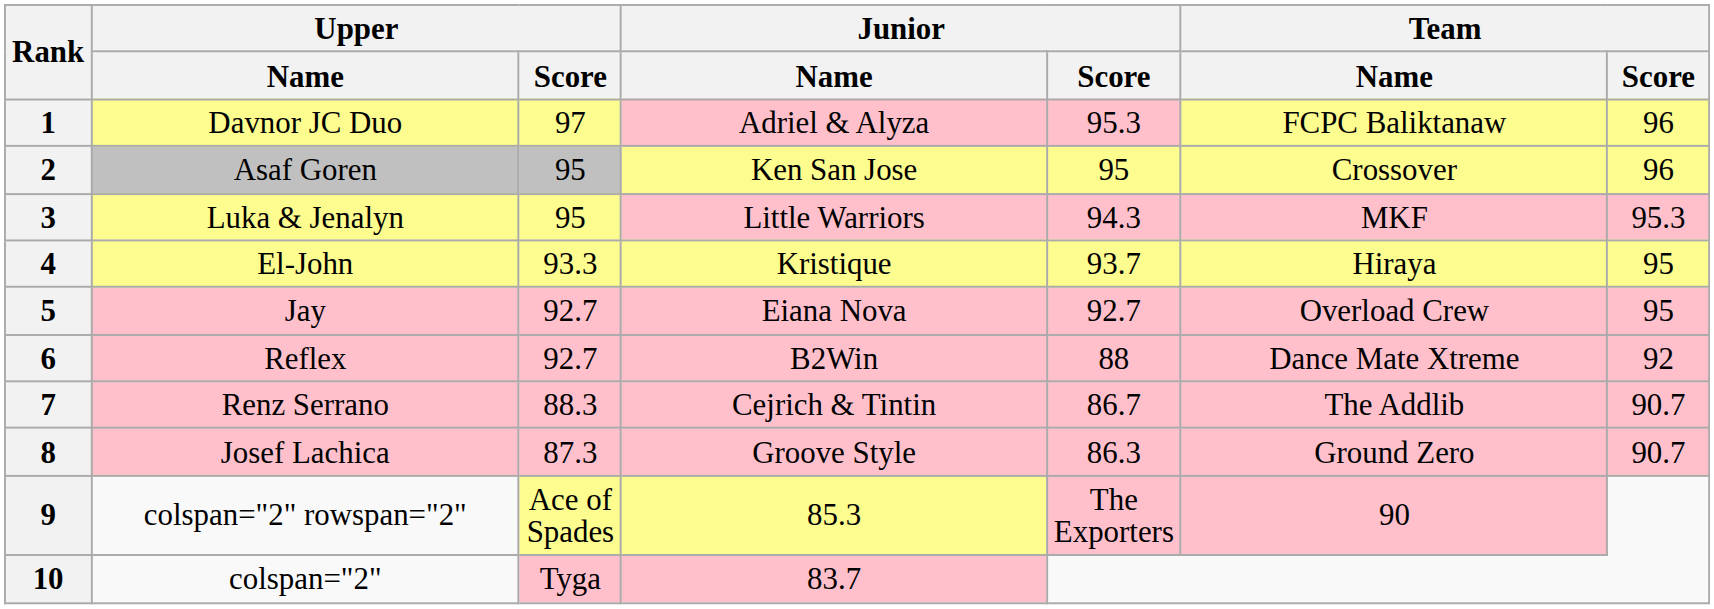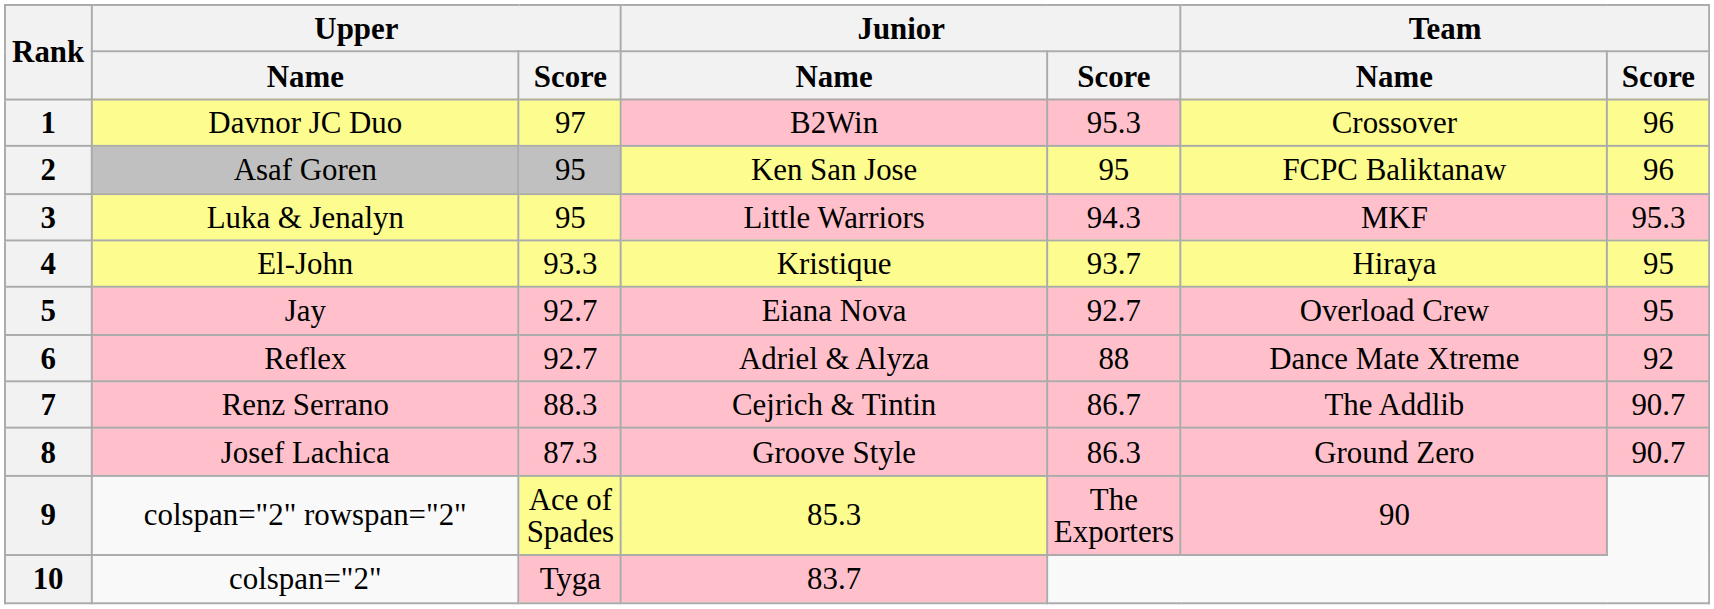 <table class="wikitable sortable" style="text-align:center; line-height:17px; width:100%;">
 <tr>
 <th scope="col" rowspan="2" style="width:04%;">Rank</th>
 <th scope="col" colspan="2" style="width:32%;">Upper</th>
 <th scope="col" colspan="2" style="width:32%;">Junior</th>
 <th scope="col" colspan="2" style="width:32%;">Team</th>
 </tr>
 <tr>
 <th scope="col" style="width:26%;">Name</th>
 <th scope="col" style="width:06%;">Score</th>
 <th scope="col" style="width:26%;">Name</th>
 <th scope="col" style="width:06%;">Score</th>
 <th scope="col" style="width:26%;">Name</th>
 <th scope="col" style="width:06%;">Score</th>
 </tr>
 <tr>
 <th>1</th>
 <td bgcolor=#fdfc8f>Davnor JC Duo</td>
 <td bgcolor=#fdfc8f>97</td>
-<td bgcolor=pink>Adriel & Alyza</td>
+<td bgcolor=pink>B2Win</td>
 <td bgcolor=pink>95.3</td>
-<td bgcolor=#fdfc8f>FCPC Baliktanaw</td>
+<td bgcolor=#fdfc8f>Crossover</td>
 <td bgcolor=#fdfc8f>96</td>
 </tr>
 <tr>
 <th>2</th>
 <td bgcolor=silver>Asaf Goren</td>
 <td bgcolor=silver>95</td>
 <td bgcolor=#fdfc8f>Ken San Jose</td>
 <td bgcolor=#fdfc8f>95</td>
-<td bgcolor=#fdfc8f>Crossover</td>
+<td bgcolor=#fdfc8f>FCPC Baliktanaw</td>
 <td bgcolor=#fdfc8f>96</td>
 </tr>
 <tr>
 <th>3</th>
 <td bgcolor=#fdfc8f>Luka & Jenalyn</td>
 <td bgcolor=#fdfc8f>95</td>
 <td bgcolor=pink>Little Warriors</td>
 <td bgcolor=pink>94.3</td>
 <td bgcolor=pink>MKF</td>
 <td bgcolor=pink>95.3</td>
 </tr>
 <tr>
 <th>4</th>
 <td bgcolor=#fdfc8f>El-John</td>
 <td bgcolor=#fdfc8f>93.3</td>
 <td bgcolor=#fdfc8f>Kristique</td>
 <td bgcolor=#fdfc8f>93.7</td>
 <td bgcolor=#fdfc8f>Hiraya</td>
 <td bgcolor=#fdfc8f>95</td>
 </tr>
 <tr>
 <th>5</th>
 <td bgcolor=pink>Jay</td>
 <td bgcolor=pink>92.7</td>
 <td bgcolor=pink>Eiana Nova</td>
 <td bgcolor=pink>92.7</td>
 <td bgcolor=pink>Overload Crew</td>
 <td bgcolor=pink>95</td>
 </tr>
 <tr>
 <th>6</th>
 <td bgcolor=pink>Reflex</td>
 <td bgcolor=pink>92.7</td>
-<td bgcolor=pink>B2Win</td>
+<td bgcolor=pink>Adriel & Alyza</td>
 <td bgcolor=pink>88</td>
 <td bgcolor=pink>Dance Mate Xtreme</td>
 <td bgcolor=pink>92</td>
 </tr>
 <tr>
 <th>7</th>
 <td bgcolor=pink>Renz Serrano</td>
 <td bgcolor=pink>88.3</td>
 <td bgcolor=pink>Cejrich & Tintin</td>
 <td bgcolor=pink>86.7</td>
 <td bgcolor=pink>The Addlib</td>
 <td bgcolor=pink>90.7</td>
 </tr>
 <tr>
 <th>8</th>
 <td bgcolor=pink>Josef Lachica</td>
 <td bgcolor=pink>87.3</td>
 <td bgcolor=pink>Groove Style</td>
 <td bgcolor=pink>86.3</td>
 <td bgcolor=pink>Ground Zero</td>
 <td bgcolor=pink>90.7</td>
 </tr>
 <tr>
 <th>9</th>
 <td>colspan="2" rowspan="2" </td>
 <td bgcolor=#fdfc8f>Ace of Spades</td>
 <td bgcolor=#fdfc8f>85.3</td>
 <td bgcolor=pink>The Exporters</td>
 <td bgcolor=pink>90</td>
 </tr>
 <tr>
 <th>10</th>
 <td>colspan="2" </td>
 <td bgcolor=pink>Tyga</td>
 <td bgcolor=pink>83.7</td>
 </tr>
 </table>
